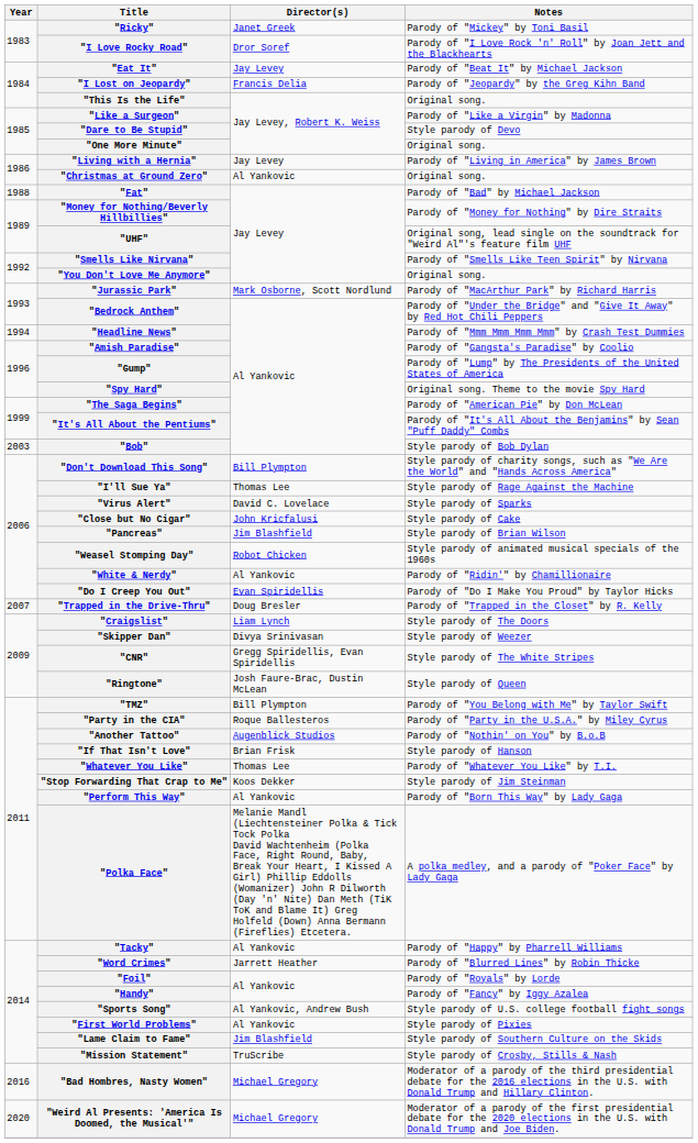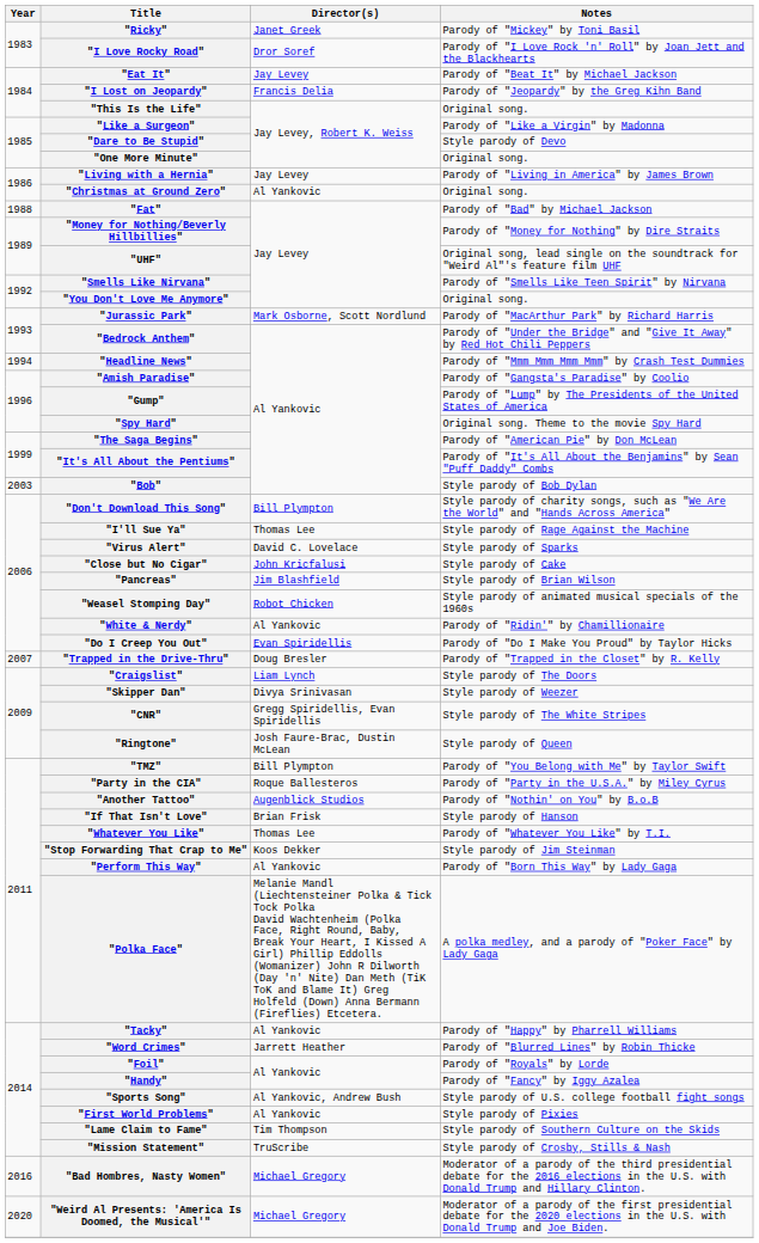 <table class="wikitable plainrowheaders">
 <tr>
 <th scope="col" style="width:3em;">Year</th>
 <th scope="col" style="width:20em;">Title</th>
 <th scope="col" style="width:18em;">Director(s)</th>
 <th scope="col" style="width:30em;">Notes</th>
 </tr>
 <tr>
 <td rowspan="2">1983</td>
 <th scope="row">"<a href='#'>Ricky</a>"</th>
 <td><a href='#'>Janet Greek</a></td>
 <td>Parody of "<a href='#'>Mickey</a>" by <a href='#'>Toni Basil</a></td>
 </tr>
 <tr>
 <th scope="row">"<a href='#'>I Love Rocky Road</a>"</th>
 <td><a href='#'>Dror Soref</a></td>
 <td>Parody of "<a href='#'>I Love Rock 'n' Roll</a>" by <a href='#'>Joan Jett and the Blackhearts</a></td>
 </tr>
 <tr>
 <td rowspan="3">1984</td>
 <th scope="row">"<a href='#'>Eat It</a>"</th>
 <td><a href='#'>Jay Levey</a></td>
 <td>Parody of "<a href='#'>Beat It</a>" by <a href='#'>Michael Jackson</a></td>
 </tr>
 <tr>
 <th scope="row">"<a href='#'>I Lost on Jeopardy</a>"</th>
 <td><a href='#'>Francis Delia</a></td>
 <td>Parody of "<a href='#'>Jeopardy</a>" by <a href='#'>the Greg Kihn Band</a></td>
 </tr>
 <tr>
 <th scope="row">"This Is the Life"</th>
 <td rowspan="4">Jay Levey, <a href='#'>Robert K. Weiss</a></td>
 <td>Original song.</td>
 </tr>
 <tr>
 <td rowspan="3">1985</td>
 <th scope="row">"<a href='#'>Like a Surgeon</a>"</th>
 <td>Parody of "<a href='#'>Like a Virgin</a>" by <a href='#'>Madonna</a></td>
 </tr>
 <tr>
 <th scope="row">"<a href='#'>Dare to Be Stupid</a>"</th>
 <td>Style parody of <a href='#'>Devo</a></td>
 </tr>
 <tr>
 <th scope="row">"One More Minute"</th>
 <td>Original song.</td>
 </tr>
 <tr>
 <td rowspan="2">1986</td>
 <th scope="row">"<a href='#'>Living with a Hernia</a>"</th>
 <td>Jay Levey</td>
 <td>Parody of "<a href='#'>Living in America</a>" by <a href='#'>James Brown</a></td>
 </tr>
 <tr>
 <th scope="row">"<a href='#'>Christmas at Ground Zero</a>"</th>
 <td>Al Yankovic</td>
 <td>Original song.</td>
 </tr>
 <tr>
 <td>1988</td>
 <th scope="row">"<a href='#'>Fat</a>"</th>
 <td rowspan="5">Jay Levey</td>
 <td>Parody of "<a href='#'>Bad</a>" by <a href='#'>Michael Jackson</a></td>
 </tr>
 <tr>
 <td rowspan="2">1989</td>
 <th scope="row">"<a href='#'>Money for Nothing/Beverly Hillbillies</a>"</th>
 <td>Parody of "<a href='#'>Money for Nothing</a>" by <a href='#'>Dire Straits</a></td>
 </tr>
 <tr>
 <th scope="row">"UHF"</th>
 <td>Original song, lead single on the soundtrack for "Weird Al"'s feature film <a href='#'>UHF</a></td>
 </tr>
 <tr>
 <td rowspan="2">1992</td>
 <th scope="row">"<a href='#'>Smells Like Nirvana</a>"</th>
 <td>Parody of "<a href='#'>Smells Like Teen Spirit</a>" by <a href='#'>Nirvana</a></td>
 </tr>
 <tr>
 <th scope="row">"<a href='#'>You Don't Love Me Anymore</a>"</th>
 <td>Original song.</td>
 </tr>
 <tr>
 <td rowspan="2">1993</td>
 <th scope="row">"<a href='#'>Jurassic Park</a>"</th>
 <td><a href='#'>Mark Osborne</a>, Scott Nordlund</td>
 <td>Parody of "<a href='#'>MacArthur Park</a>" by <a href='#'>Richard Harris</a></td>
 </tr>
 <tr>
 <th scope="row">"<a href='#'>Bedrock Anthem</a>"</th>
 <td rowspan="8">Al Yankovic</td>
 <td>Parody of "<a href='#'>Under the Bridge</a>" and "<a href='#'>Give It Away</a>" by <a href='#'>Red Hot Chili Peppers</a></td>
 </tr>
 <tr>
 <td>1994</td>
 <th scope="row">"<a href='#'>Headline News</a>"</th>
 <td>Parody of "<a href='#'>Mmm Mmm Mmm Mmm</a>" by <a href='#'>Crash Test Dummies</a></td>
 </tr>
 <tr>
 <td rowspan="3">1996</td>
 <th scope="row">"<a href='#'>Amish Paradise</a>"</th>
 <td>Parody of "<a href='#'>Gangsta's Paradise</a>" by <a href='#'>Coolio</a></td>
 </tr>
 <tr>
 <th scope="row">"Gump"</th>
 <td>Parody of "<a href='#'>Lump</a>" by <a href='#'>The Presidents of the United States of America</a></td>
 </tr>
 <tr>
 <th scope="row">"<a href='#'>Spy Hard</a>"</th>
 <td>Original song. Theme to the movie <a href='#'>Spy Hard</a></td>
 </tr>
 <tr>
 <td rowspan="2">1999</td>
 <th scope="row">"<a href='#'>The Saga Begins</a>"</th>
 <td>Parody of "<a href='#'>American Pie</a>" by <a href='#'>Don McLean</a></td>
 </tr>
 <tr>
 <th scope="row">"<a href='#'>It's All About the Pentiums</a>"</th>
 <td>Parody of "<a href='#'>It's All About the Benjamins</a>" by <a href='#'>Sean "Puff Daddy" Combs</a></td>
 </tr>
 <tr>
 <td>2003</td>
 <th scope="row">"<a href='#'>Bob</a>"</th>
 <td>Style parody of <a href='#'>Bob Dylan</a></td>
 </tr>
 <tr>
 <td rowspan="8">2006</td>
 <th scope="row">"<a href='#'>Don't Download This Song</a>"</th>
 <td><a href='#'>Bill Plympton</a></td>
 <td>Style parody of charity songs, such as "<a href='#'>We Are the World</a>" and "<a href='#'>Hands Across America</a>"</td>
 </tr>
 <tr>
 <th scope="row">"I'll Sue Ya"</th>
 <td>Thomas Lee</td>
 <td>Style parody of <a href='#'>Rage Against the Machine</a></td>
 </tr>
 <tr>
 <th scope="row">"Virus Alert"</th>
 <td>David C. Lovelace</td>
 <td>Style parody of <a href='#'>Sparks</a></td>
 </tr>
 <tr>
 <th scope="row">"Close but No Cigar"</th>
 <td><a href='#'>John Kricfalusi</a></td>
 <td>Style parody of <a href='#'>Cake</a></td>
 </tr>
 <tr>
 <th scope="row">"Pancreas"</th>
 <td><a href='#'>Jim Blashfield</a></td>
 <td>Style parody of <a href='#'>Brian Wilson</a></td>
 </tr>
 <tr>
 <th scope="row">"Weasel Stomping Day"</th>
 <td><a href='#'>Robot Chicken</a></td>
 <td>Style parody of animated musical specials of the 1960s</td>
 </tr>
 <tr>
 <th scope="row">"<a href='#'>White & Nerdy</a>"</th>
 <td>Al Yankovic</td>
 <td>Parody of "<a href='#'>Ridin'</a>" by <a href='#'>Chamillionaire</a></td>
 </tr>
 <tr>
 <th scope="row">"Do I Creep You Out"</th>
 <td><a href='#'>Evan Spiridellis</a></td>
 <td>Parody of "Do I Make You Proud" by Taylor Hicks</td>
 </tr>
 <tr>
 <td>2007</td>
 <th scope="row">"<a href='#'>Trapped in the Drive-Thru</a>"</th>
 <td>Doug Bresler</td>
 <td>Parody of "<a href='#'>Trapped in the Closet</a>" by <a href='#'>R. Kelly</a></td>
 </tr>
 <tr>
 <td rowspan="4">2009</td>
 <th scope="row">"<a href='#'>Craigslist</a>"</th>
 <td><a href='#'>Liam Lynch</a></td>
 <td>Style parody of <a href='#'>The Doors</a></td>
 </tr>
 <tr>
 <th scope="row">"Skipper Dan"</th>
 <td>Divya Srinivasan</td>
 <td>Style parody of <a href='#'>Weezer</a></td>
 </tr>
 <tr>
 <th scope="row">"CNR"</th>
 <td>Gregg Spiridellis, Evan Spiridellis</td>
 <td>Style parody of <a href='#'>The White Stripes</a></td>
 </tr>
 <tr>
 <th scope="row">"Ringtone"</th>
 <td>Josh Faure-Brac, Dustin McLean</td>
 <td>Style parody of <a href='#'>Queen</a></td>
 </tr>
 <tr>
 <td rowspan="8">2011</td>
 <th scope="row">"TMZ"</th>
 <td>Bill Plympton</td>
 <td>Parody of "<a href='#'>You Belong with Me</a>" by <a href='#'>Taylor Swift</a></td>
 </tr>
 <tr>
 <th scope="row">"Party in the CIA"</th>
 <td>Roque Ballesteros</td>
 <td>Parody of "<a href='#'>Party in the U.S.A.</a>" by <a href='#'>Miley Cyrus</a></td>
 </tr>
 <tr>
 <th scope="row">"Another Tattoo"</th>
 <td><a href='#'>Augenblick Studios</a></td>
 <td>Parody of "<a href='#'>Nothin' on You</a>" by <a href='#'>B.o.B</a></td>
 </tr>
 <tr>
 <th scope="row">"If That Isn't Love"</th>
 <td>Brian Frisk</td>
 <td>Style parody of <a href='#'>Hanson</a></td>
 </tr>
 <tr>
 <th scope="row">"<a href='#'>Whatever You Like</a>"</th>
 <td>Thomas Lee</td>
 <td>Parody of "<a href='#'>Whatever You Like</a>" by <a href='#'>T.I.</a></td>
 </tr>
 <tr>
 <th scope="row">"Stop Forwarding That Crap to Me"</th>
 <td>Koos Dekker</td>
 <td>Style parody of <a href='#'>Jim Steinman</a></td>
 </tr>
 <tr>
 <th scope="row">"<a href='#'>Perform This Way</a>"</th>
 <td>Al Yankovic</td>
 <td>Parody of "<a href='#'>Born This Way</a>" by <a href='#'>Lady Gaga</a></td>
 </tr>
 <tr>
 <th scope="row">"<a href='#'>Polka Face</a>"</th>
 <td>Melanie Mandl (Liechtensteiner Polka & Tick Tock Polka<br>David Wachtenheim (Polka Face, Right Round, Baby, Break Your Heart, I Kissed A Girl) Phillip Eddolls (Womanizer) John R Dilworth (Day 'n' Nite) Dan Meth (TiK ToK and Blame It) Greg Holfeld (Down) Anna Bermann (Fireflies) Etcetera.</td>
 <td>A <a href='#'>polka medley</a>, and a parody of "<a href='#'>Poker Face</a>" by <a href='#'>Lady Gaga</a></td>
 </tr>
 <tr>
 <td rowspan="8">2014</td>
 <th scope="row">"<a href='#'>Tacky</a>"</th>
 <td>Al Yankovic</td>
 <td>Parody of "<a href='#'>Happy</a>" by <a href='#'>Pharrell Williams</a></td>
 </tr>
 <tr>
 <th scope="row">"<a href='#'>Word Crimes</a>"</th>
 <td>Jarrett Heather</td>
 <td>Parody of "<a href='#'>Blurred Lines</a>" by <a href='#'>Robin Thicke</a></td>
 </tr>
 <tr>
 <th scope="row">"<a href='#'>Foil</a>"</th>
 <td rowspan="2">Al Yankovic</td>
 <td>Parody of "<a href='#'>Royals</a>" by <a href='#'>Lorde</a></td>
 </tr>
 <tr>
 <th scope="row">"<a href='#'>Handy</a>"</th>
 <td>Parody of "<a href='#'>Fancy</a>" by <a href='#'>Iggy Azalea</a></td>
 </tr>
 <tr>
 <th scope="row">"Sports Song"</th>
 <td>Al Yankovic, Andrew Bush</td>
 <td>Style parody of U.S. college football <a href='#'>fight songs</a></td>
 </tr>
 <tr>
 <th scope="row">"<a href='#'>First World Problems</a>"</th>
 <td>Al Yankovic</td>
 <td>Style parody of <a href='#'>Pixies</a></td>
 </tr>
 <tr>
 <th scope="row">"Lame Claim to Fame"</th>
-<td><a href='#'>Jim Blashfield</a></td>
+<td>Tim Thompson</td>
 <td>Style parody of <a href='#'>Southern Culture on the Skids</a></td>
 </tr>
 <tr>
 <th scope="row">"Mission Statement"</th>
 <td>TruScribe</td>
 <td>Style parody of <a href='#'>Crosby, Stills & Nash</a></td>
 </tr>
 <tr>
 <td>2016</td>
 <th scope="row">"Bad Hombres, Nasty Women"</th>
 <td><a href='#'>Michael Gregory</a></td>
 <td>Moderator of a parody of the third presidential debate for the <a href='#'>2016 elections</a> in the U.S. with <a href='#'>Donald Trump</a> and <a href='#'>Hillary Clinton</a>.</td>
 </tr>
 <tr>
 <td>2020</td>
 <th scope="row">"Weird Al Presents: 'America Is Doomed, the Musical'"</th>
 <td><a href='#'>Michael Gregory</a></td>
 <td>Moderator of a parody of the first presidential debate for the <a href='#'>2020 elections</a> in the U.S. with <a href='#'>Donald Trump</a> and <a href='#'>Joe Biden</a>.</td>
 </tr>
 <tr>
 </tr>
 </table>
